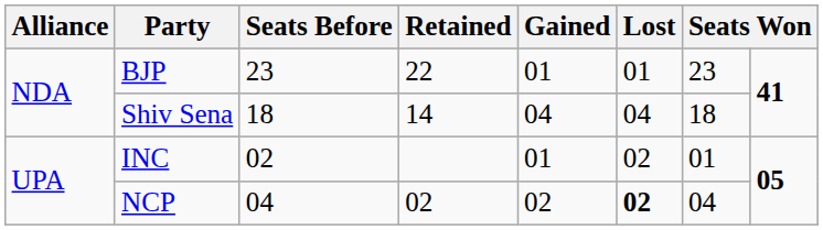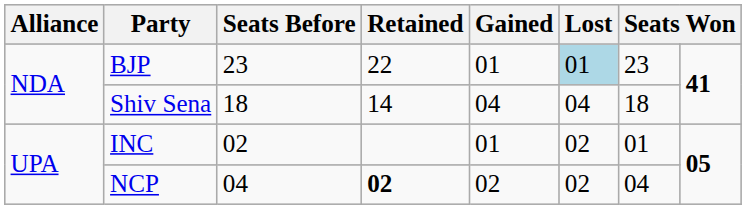 <table class="wikitable">
 <tr>
 <th>Alliance</th>
 <th>Party</th>
 <th>Seats Before</th>
 <th>Retained</th>
 <th>Gained</th>
 <th>Lost</th>
 <th colspan="2">Seats Won</th>
 </tr>
 <tr>
 <td rowspan="2"><a href='#'>NDA</a></td>
 <td><a href='#'>BJP</a></td>
 <td>23</td>
 <td>22</td>
 <td> 01</td>
-<td> 01</td>
+<td style="background: lightblue;"> 01</td>
 <td>23</td>
 <td rowspan="2"><strong>41</strong></td>
 </tr>
 <tr>
 <td><a href='#'>Shiv Sena</a></td>
 <td>18</td>
 <td>14</td>
 <td> 04</td>
 <td> 04</td>
 <td>18</td>
 </tr>
 <tr>
 <td rowspan="2"><a href='#'>UPA</a></td>
 <td><a href='#'>INC</a></td>
 <td>02</td>
 <td></td>
 <td> 01</td>
 <td> 02</td>
 <td>01</td>
 <td rowspan="2"><strong>05</strong></td>
 </tr>
 <tr>
 <td><a href='#'>NCP</a></td>
 <td>04</td>
-<td>02</td>
+<td><strong>02</strong></td>
 <td> 02</td>
-<td><strong> 02</strong></td>
+<td> 02</td>
 <td>04</td>
 </tr>
 </table>
